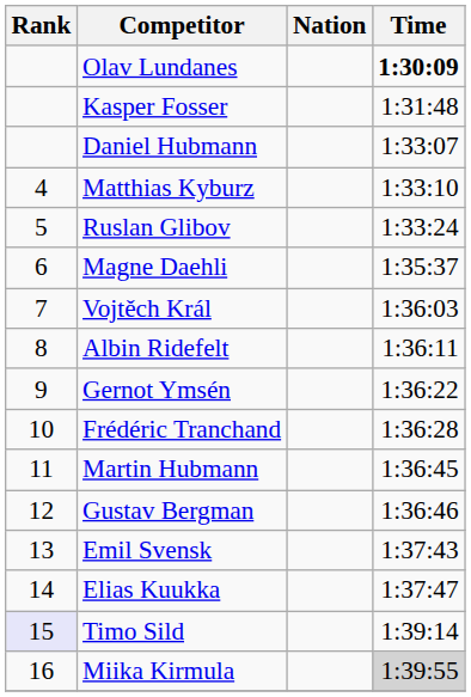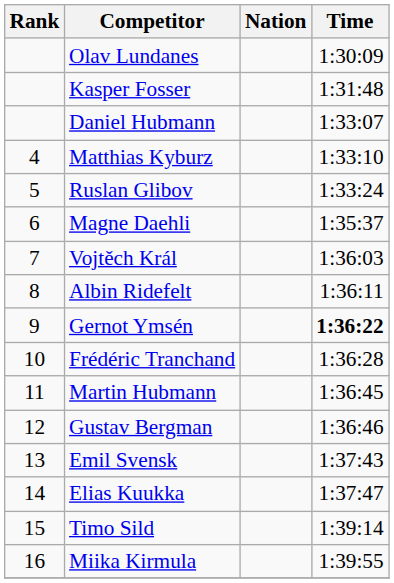 <table class="wikitable sortable" style="text-align:left">
 <tr>
 <th data-sort-type="number">Rank</th>
 <th class="unsortable">Competitor</th>
 <th>Nation</th>
 <th>Time</th>
 </tr>
 <tr>
 <td style="text-align:center"></td>
 <td><a href='#'>Olav Lundanes</a></td>
 <td></td>
-<td style="text-align:right"><strong>1:30:09</strong></td>
+<td style="text-align:right">1:30:09</td>
 </tr>
 <tr>
 <td style="text-align:center"></td>
 <td><a href='#'>Kasper Fosser</a></td>
 <td></td>
 <td style="text-align:right">1:31:48</td>
 </tr>
 <tr>
 <td style="text-align:center"></td>
 <td><a href='#'>Daniel Hubmann</a></td>
 <td></td>
 <td style="text-align:right">1:33:07</td>
 </tr>
 <tr>
 <td style="text-align:center">4</td>
 <td><a href='#'>Matthias Kyburz</a></td>
 <td></td>
 <td style="text-align:right">1:33:10</td>
 </tr>
 <tr>
 <td style="text-align:center">5</td>
 <td><a href='#'>Ruslan Glibov</a></td>
 <td></td>
 <td style="text-align:right">1:33:24</td>
 </tr>
 <tr>
 <td style="text-align:center">6</td>
 <td><a href='#'>Magne Daehli</a></td>
 <td></td>
 <td style="text-align:right">1:35:37</td>
 </tr>
 <tr>
 <td style="text-align:center">7</td>
 <td><a href='#'>Vojtěch Král</a></td>
 <td></td>
 <td style="text-align:right">1:36:03</td>
 </tr>
 <tr>
 <td style="text-align:center">8</td>
 <td><a href='#'>Albin Ridefelt</a></td>
 <td></td>
 <td style="text-align:right">1:36:11</td>
 </tr>
 <tr>
 <td style="text-align:center">9</td>
 <td><a href='#'>Gernot Ymsén</a></td>
 <td></td>
-<td style="text-align:right">1:36:22</td>
+<td style="text-align:right"><strong>1:36:22</strong></td>
 </tr>
 <tr>
 <td style="text-align:center">10</td>
 <td><a href='#'>Frédéric Tranchand</a></td>
 <td></td>
 <td style="text-align:right">1:36:28</td>
 </tr>
 <tr>
 <td style="text-align:center">11</td>
 <td><a href='#'>Martin Hubmann</a></td>
 <td></td>
 <td style="text-align:right">1:36:45</td>
 </tr>
 <tr>
 <td style="text-align:center">12</td>
 <td><a href='#'>Gustav Bergman</a></td>
 <td></td>
 <td style="text-align:right">1:36:46</td>
 </tr>
 <tr>
 <td style="text-align:center">13</td>
 <td><a href='#'>Emil Svensk</a></td>
 <td></td>
 <td style="text-align:right">1:37:43</td>
 </tr>
 <tr>
 <td style="text-align:center">14</td>
 <td><a href='#'>Elias Kuukka</a></td>
 <td></td>
 <td style="text-align:right">1:37:47</td>
 </tr>
 <tr>
-<td style="background: lavender; text-align:center">15</td>
+<td style="text-align:center">15</td>
 <td><a href='#'>Timo Sild</a></td>
 <td></td>
 <td style="text-align:right">1:39:14</td>
 </tr>
 <tr>
 <td style="text-align:center">16</td>
 <td><a href='#'>Miika Kirmula</a></td>
 <td></td>
-<td style="background: lightgrey; text-align:right">1:39:55</td>
+<td style="text-align:right">1:39:55</td>
 </tr>
 <tr>
 </tr>
 </table>
